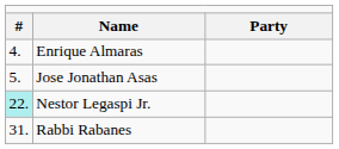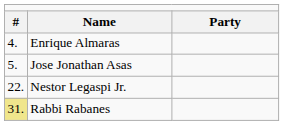 <table class=wikitable style="font-size:90%">
 <tr>
 <td colspan=4 bgcolor=></td>
 </tr>
 <tr>
 <th>#</th>
 <th width=150px>Name</th>
 <th colspan=2 width=110px>Party</th>
 </tr>
 <tr>
 <td>4.</td>
 <td>Enrique Almaras</td>
 <td></td>
 </tr>
 <tr>
 <td>5.</td>
 <td>Jose Jonathan Asas</td>
 <td></td>
 </tr>
 <tr>
-<td style="background: paleturquoise;">22.</td>
+<td>22.</td>
 <td>Nestor Legaspi Jr.</td>
 <td></td>
 </tr>
 <tr>
-<td>31.</td>
+<td style="background: khaki;">31.</td>
 <td>Rabbi Rabanes</td>
 <td></td>
 </tr>
 </table>
